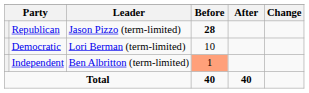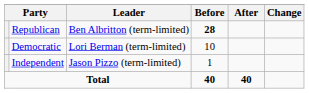 <table class="wikitable" style="text-align:center;">
 <tr>
 </tr>
 <tr>
 <th colspan=2>Party</th>
 <th>Leader</th>
 <th style="width:3em">Before</th>
 <th style="width:3em">After</th>
 <th style="width:3em">Change</th>
 </tr>
 <tr>
 <th style="background-color:"></th>
 <td style="text-align:left;"><a href='#'>Republican</a></td>
-<td style="text-align:left;"><a href='#'>Jason Pizzo</a> (term-limited)</td>
+<td style="text-align:left;"><a href='#'>Ben Albritton</a> (term-limited)</td>
 <td><strong>28</strong></td>
 <td></td>
 <td></td>
 </tr>
 <tr>
 <th style="background-color:"></th>
 <td style="text-align:left;"><a href='#'>Democratic</a></td>
 <td style="text-align:left;"><a href='#'>Lori Berman</a> (term-limited)</td>
 <td>10</td>
 <td></td>
 <td></td>
 </tr>
 <tr>
 <th style="background-color:"></th>
 <td style="text-align:left;"><a href='#'>Independent</a></td>
-<td style="text-align:left;"><a href='#'>Ben Albritton</a> (term-limited)</td>
-<td style="background: lightsalmon;">1</td>
+<td style="text-align:left;"><a href='#'>Jason Pizzo</a> (term-limited)</td>
+<td>1</td>
 <td></td>
 <td></td>
 </tr>
 <tr>
 <td colspan=3><strong>Total</strong></td>
 <td><strong>40</strong></td>
 <td><strong>40</strong></td>
 <td></td>
 </tr>
 </table>
